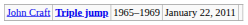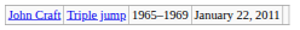 <table class="wikitable">
 <tr>
 </tr>
 <tr>
 <td><a href='#'>John Craft</a></td>
-<td><strong><a href='#'>Triple jump</a></strong></td>
+<td><a href='#'>Triple jump</a></td>
 <td>1965–1969</td>
 <td>January 22, 2011</td>
 <td></td>
 </tr>
 <tr>
 </tr>
 </table>
